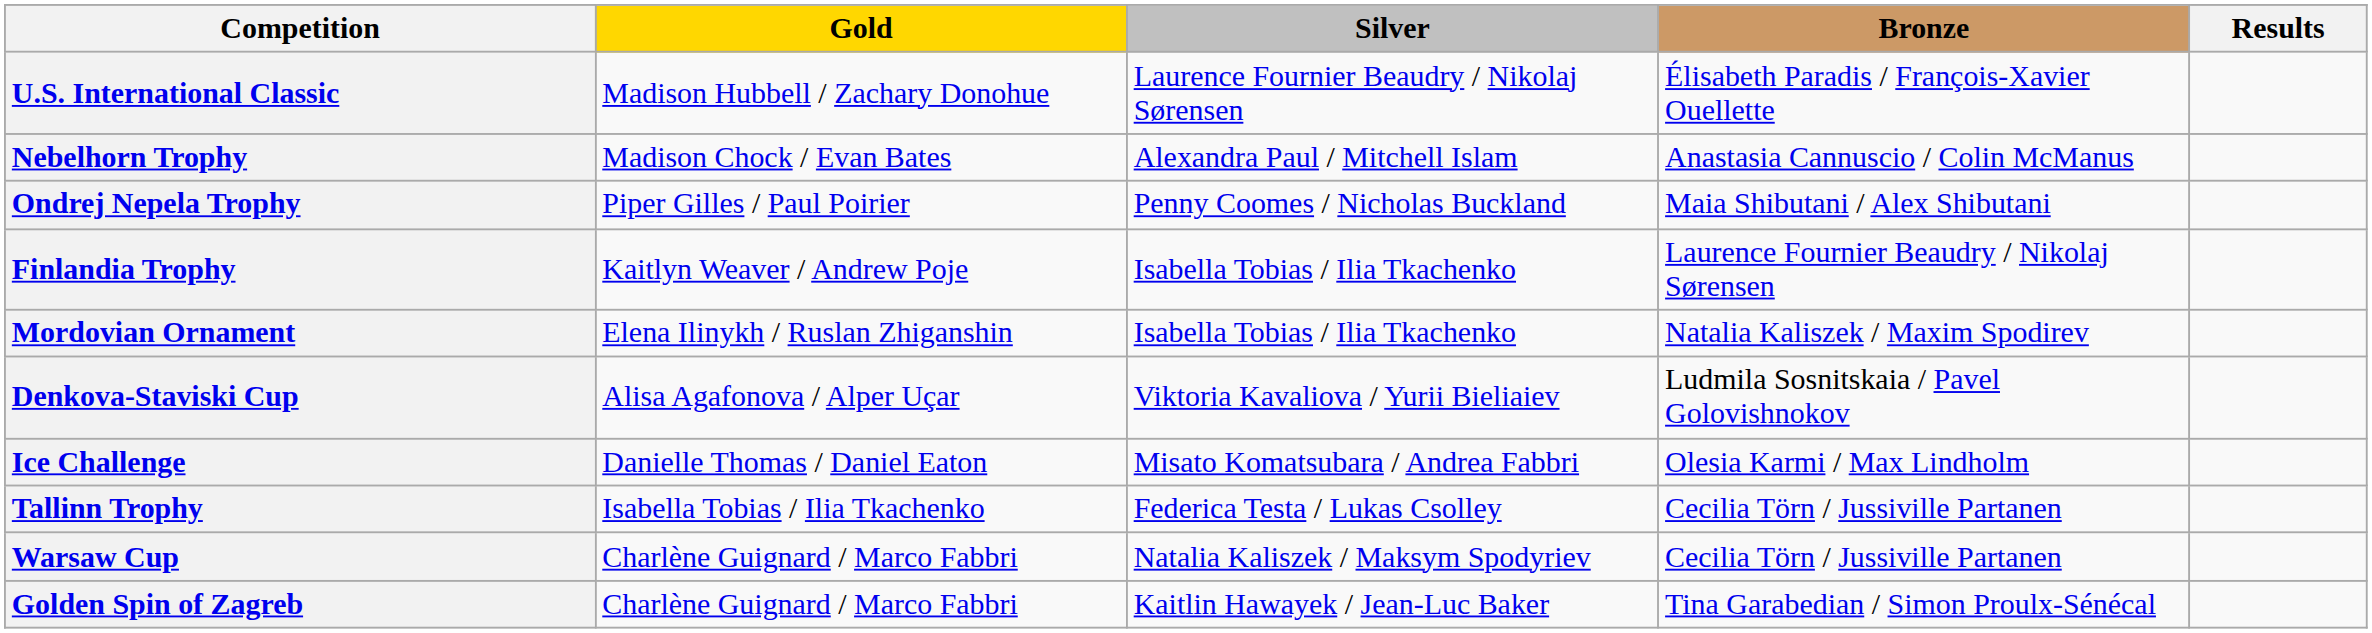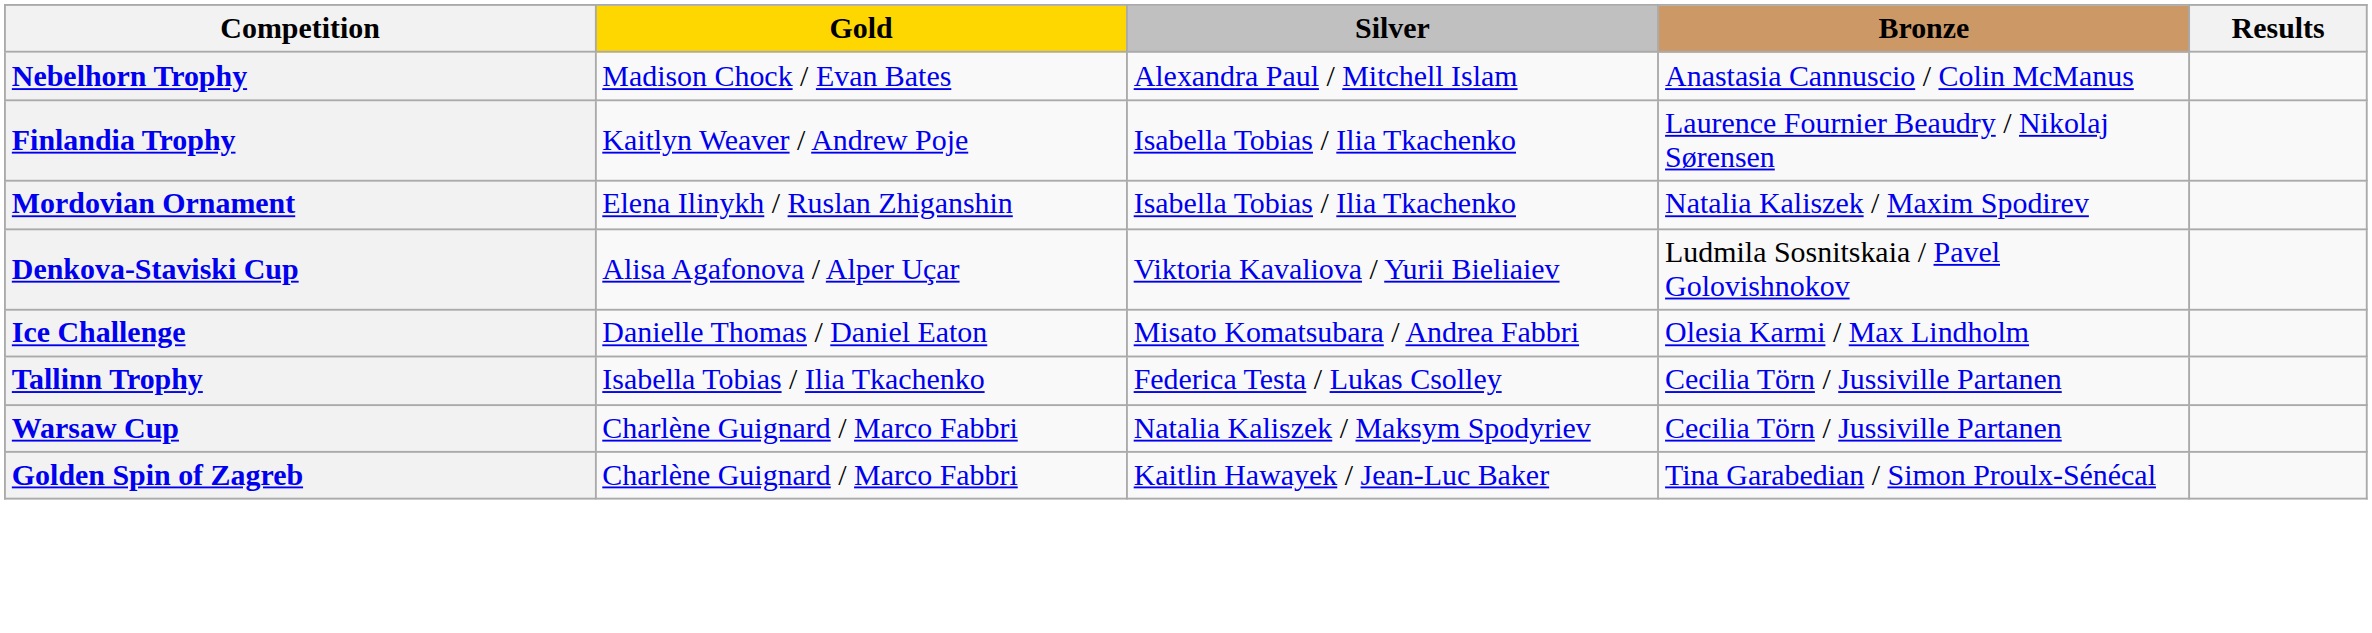 <table class="wikitable unsortable" style="text-align:left; width:100%;">
 <tr>
 <th scope="col" style="text-align:center; width:25%;">Competition</th>
 <td scope="col" style="text-align:center; width:22.5%; background:gold"><strong>Gold</strong></td>
 <td scope="col" style="text-align:center; width:22.5%; background:silver"><strong>Silver</strong></td>
 <td scope="col" style="text-align:center; width:22.5%; background:#c96"><strong>Bronze</strong></td>
 <th scope="col" style="text-align:center; width:7.5%;">Results</th>
 </tr>
 <tr>
-<th scope="row" style="text-align:left"> <a href='#'>U.S. International Classic</a></th>
-<td> <a href='#'>Madison Hubbell</a> / <a href='#'>Zachary Donohue</a></td>
-<td> <a href='#'>Laurence Fournier Beaudry</a> / <a href='#'>Nikolaj Sørensen</a></td>
-<td> <a href='#'>Élisabeth Paradis</a> / <a href='#'>François-Xavier Ouellette</a></td>
-<td></td>
-</tr>
-<tr>
 <th scope="row" style="text-align:left"> <a href='#'>Nebelhorn Trophy</a></th>
 <td> <a href='#'>Madison Chock</a> / <a href='#'>Evan Bates</a></td>
 <td> <a href='#'>Alexandra Paul</a> / <a href='#'>Mitchell Islam</a></td>
 <td> <a href='#'>Anastasia Cannuscio</a> / <a href='#'>Colin McManus</a></td>
-<td></td>
-</tr>
-<tr>
-<th scope="row" style="text-align:left"> <a href='#'>Ondrej Nepela Trophy</a></th>
-<td> <a href='#'>Piper Gilles</a> / <a href='#'>Paul Poirier</a></td>
-<td> <a href='#'>Penny Coomes</a> / <a href='#'>Nicholas Buckland</a></td>
-<td> <a href='#'>Maia Shibutani</a> / <a href='#'>Alex Shibutani</a></td>
 <td></td>
 </tr>
 <tr>
 <th scope="row" style="text-align:left"> <a href='#'>Finlandia Trophy</a></th>
 <td> <a href='#'>Kaitlyn Weaver</a> / <a href='#'>Andrew Poje</a></td>
 <td> <a href='#'>Isabella Tobias</a> / <a href='#'>Ilia Tkachenko</a></td>
 <td> <a href='#'>Laurence Fournier Beaudry</a> / <a href='#'>Nikolaj Sørensen</a></td>
 <td></td>
 </tr>
 <tr>
 <th scope="row" style="text-align:left"> <a href='#'>Mordovian Ornament</a></th>
 <td> <a href='#'>Elena Ilinykh</a> / <a href='#'>Ruslan Zhiganshin</a></td>
 <td> <a href='#'>Isabella Tobias</a> / <a href='#'>Ilia Tkachenko</a></td>
 <td> <a href='#'>Natalia Kaliszek</a> / <a href='#'>Maxim Spodirev</a></td>
 <td></td>
 </tr>
 <tr>
 <th scope="row" style="text-align:left"> <a href='#'>Denkova-Staviski Cup</a></th>
 <td> <a href='#'>Alisa Agafonova</a> / <a href='#'>Alper Uçar</a></td>
 <td> <a href='#'>Viktoria Kavaliova</a> / <a href='#'>Yurii Bieliaiev</a></td>
 <td> Ludmila Sosnitskaia / <a href='#'>Pavel Golovishnokov</a></td>
 <td></td>
 </tr>
 <tr>
 <th scope="row" style="text-align:left"> <a href='#'>Ice Challenge</a></th>
 <td> <a href='#'>Danielle Thomas</a> / <a href='#'>Daniel Eaton</a></td>
 <td> <a href='#'>Misato Komatsubara</a> / <a href='#'>Andrea Fabbri</a></td>
 <td> <a href='#'>Olesia Karmi</a> / <a href='#'>Max Lindholm</a></td>
 <td></td>
 </tr>
 <tr>
 <th scope="row" style="text-align:left"> <a href='#'>Tallinn Trophy</a></th>
 <td> <a href='#'>Isabella Tobias</a> / <a href='#'>Ilia Tkachenko</a></td>
 <td> <a href='#'>Federica Testa</a> / <a href='#'>Lukas Csolley</a></td>
 <td> <a href='#'>Cecilia Törn</a> / <a href='#'>Jussiville Partanen</a></td>
 <td></td>
 </tr>
 <tr>
 <th scope="row" style="text-align:left"> <a href='#'>Warsaw Cup</a></th>
 <td> <a href='#'>Charlène Guignard</a> / <a href='#'>Marco Fabbri</a></td>
 <td> <a href='#'>Natalia Kaliszek</a> / <a href='#'>Maksym Spodyriev</a></td>
 <td> <a href='#'>Cecilia Törn</a> / <a href='#'>Jussiville Partanen</a></td>
 <td></td>
 </tr>
 <tr>
 <th scope="row" style="text-align:left"> <a href='#'>Golden Spin of Zagreb</a></th>
 <td> <a href='#'>Charlène Guignard</a> / <a href='#'>Marco Fabbri</a></td>
 <td> <a href='#'>Kaitlin Hawayek</a> / <a href='#'>Jean-Luc Baker</a></td>
 <td> <a href='#'>Tina Garabedian</a> / <a href='#'>Simon Proulx-Sénécal</a></td>
 <td></td>
 </tr>
 </table>
